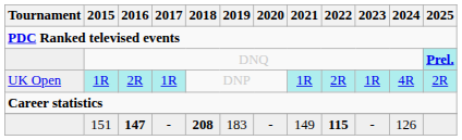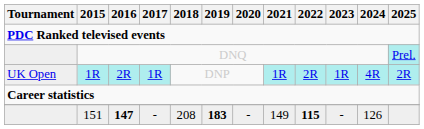 <table class="wikitable" style="width:20%; margin:0">
 <tr>
 <th>Tournament</th>
 <th>2015</th>
 <th>2016</th>
 <th>2017</th>
 <th>2018</th>
 <th>2019</th>
 <th>2020</th>
 <th>2021</th>
 <th>2022</th>
 <th>2023</th>
 <th>2024</th>
 <th>2025</th>
 </tr>
 <tr>
 <td colspan="15" style="text-align:left"><strong><a href='#'>PDC</a> Ranked televised events</strong></td>
 </tr>
 <tr>
 <td style="background:#efefef;"></td>
 <td colspan="10" style="text-align:center; color:#ccc;">DNQ</td>
-<td style="text-align:center; background:#afeeee;"><strong><a href='#'>Prel.</a></strong></td>
+<td style="text-align:center; background:#afeeee;"><a href='#'>Prel.</a></td>
 </tr>
 <tr>
 <td style="background:#efefef;"><a href='#'>UK Open</a></td>
 <td style="text-align:center; background:#afeeee;"><a href='#'>1R</a></td>
 <td style="text-align:center; background:#afeeee;"><a href='#'>2R</a></td>
 <td style="text-align:center; background:#afeeee;"><a href='#'>1R</a></td>
 <td colspan="3" style="text-align:center; color:#ccc;">DNP</td>
 <td style="text-align:center; background:#afeeee;"><a href='#'>1R</a></td>
 <td style="text-align:center; background:#afeeee;"><a href='#'>2R</a></td>
 <td style="text-align:center; background:#afeeee;"><a href='#'>1R</a></td>
 <td style="text-align:center; background:#afeeee;"><a href='#'>4R</a></td>
 <td style="text-align:center; background:#afeeee;"><a href='#'>2R</a></td>
 </tr>
 <tr>
 <td colspan="15" align="left"><strong>Career statistics</strong></td>
 </tr>
 <tr>
 </tr>
 <tr bgcolor="efefef">
 <td align="left"></td>
 <td style="text-align:center;">151</td>
 <td style="text-align:center;"><strong>147</strong></td>
 <td style="text-align:center;">-</td>
-<td style="text-align:center;"><strong>208</strong></td>
-<td style="text-align:center;">183</td>
+<td style="text-align:center;">208</td>
+<td style="text-align:center;"><strong>183</strong></td>
 <td style="text-align:center;">-</td>
 <td style="text-align:center;">149</td>
 <td style="text-align:center;"><strong>115</strong></td>
 <td style="text-align:center;">-</td>
 <td style="text-align:center;">126</td>
 <td></td>
 </tr>
 </table>
